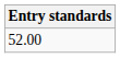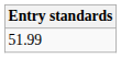 <table class="wikitable" border="1" align="upright">
 <tr>
 <th>Entry standards</th>
 </tr>
 <tr>
-<td>52.00</td>
+<td>51.99</td>
 </tr>
 </table>
